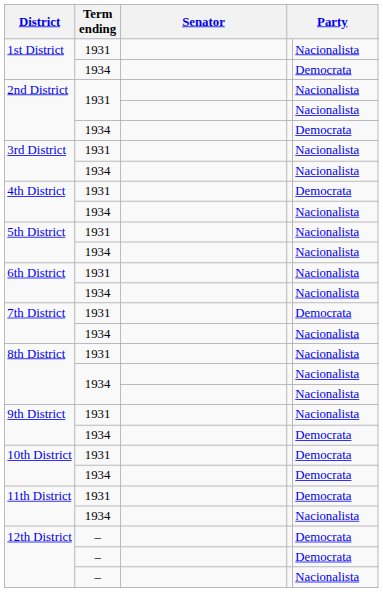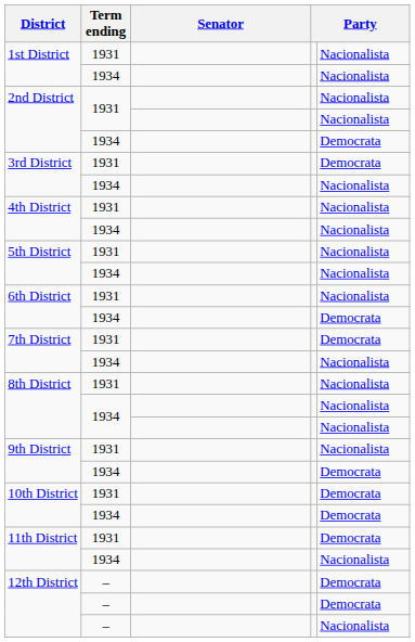 <table class="wikitable sortable">
 <tr>
 <th><a href='#'>District</a></th>
 <th width="50px">Term ending</th>
 <th width="200px"><a href='#'>Senator</a></th>
 <th colspan="2"><a href='#'>Party</a></th>
 </tr>
 <tr>
 <td rowspan="2" valign="top"><a href='#'>1st District</a></td>
 <td align="center">1931</td>
 <td></td>
 <td></td>
 <td width="100px"><a href='#'>Nacionalista</a></td>
 </tr>
 <tr>
 <td align="center">1934</td>
 <td></td>
 <td></td>
-<td><a href='#'>Democrata</a></td>
+<td><a href='#'>Nacionalista</a></td>
 </tr>
 <tr>
 <td rowspan="3" valign="top"><a href='#'>2nd District</a></td>
 <td rowspan="2" align="center">1931</td>
 <td></td>
 <td></td>
 <td><a href='#'>Nacionalista</a></td>
 </tr>
 <tr>
 <td></td>
 <td></td>
 <td><a href='#'>Nacionalista</a></td>
 </tr>
 <tr>
 <td align="center">1934</td>
 <td></td>
 <td></td>
 <td><a href='#'>Democrata</a></td>
 </tr>
 <tr>
 <td rowspan="2" valign="top"><a href='#'>3rd District</a></td>
 <td align="center">1931</td>
 <td></td>
 <td></td>
-<td><a href='#'>Nacionalista</a></td>
+<td><a href='#'>Democrata</a></td>
 </tr>
 <tr>
 <td align="center">1934</td>
 <td></td>
 <td></td>
 <td><a href='#'>Nacionalista</a></td>
 </tr>
 <tr>
 <td rowspan="2" valign="top"><a href='#'>4th District</a></td>
 <td align="center">1931</td>
 <td></td>
 <td></td>
-<td><a href='#'>Democrata</a></td>
+<td><a href='#'>Nacionalista</a></td>
 </tr>
 <tr>
 <td align="center">1934</td>
 <td></td>
 <td></td>
 <td><a href='#'>Nacionalista</a></td>
 </tr>
 <tr>
 <td rowspan="2" valign="top"><a href='#'>5th District</a></td>
 <td align="center">1931</td>
 <td></td>
 <td></td>
 <td><a href='#'>Nacionalista</a></td>
 </tr>
 <tr>
 <td align="center">1934</td>
 <td></td>
 <td></td>
 <td><a href='#'>Nacionalista</a></td>
 </tr>
 <tr>
 <td rowspan="2" valign="top"><a href='#'>6th District</a></td>
 <td align="center">1931</td>
 <td></td>
 <td></td>
 <td><a href='#'>Nacionalista</a></td>
 </tr>
 <tr>
 <td align="center">1934</td>
 <td></td>
 <td></td>
-<td><a href='#'>Nacionalista</a></td>
+<td><a href='#'>Democrata</a></td>
 </tr>
 <tr>
 <td rowspan="2" valign="top"><a href='#'>7th District</a></td>
 <td align="center">1931</td>
 <td></td>
 <td></td>
 <td><a href='#'>Democrata</a></td>
 </tr>
 <tr>
 <td align="center">1934</td>
 <td></td>
 <td></td>
 <td><a href='#'>Nacionalista</a></td>
 </tr>
 <tr>
 <td rowspan="3" valign="top"><a href='#'>8th District</a></td>
 <td align="center">1931</td>
 <td></td>
 <td></td>
 <td><a href='#'>Nacionalista</a></td>
 </tr>
 <tr>
 <td rowspan="2" align="center">1934</td>
 <td></td>
 <td></td>
 <td><a href='#'>Nacionalista</a></td>
 </tr>
 <tr>
 <td></td>
 <td></td>
 <td><a href='#'>Nacionalista</a></td>
 </tr>
 <tr>
 <td rowspan="2" valign="top"><a href='#'>9th District</a></td>
 <td align="center">1931</td>
 <td></td>
 <td></td>
 <td><a href='#'>Nacionalista</a></td>
 </tr>
 <tr>
 <td align="center">1934</td>
 <td></td>
 <td></td>
 <td><a href='#'>Democrata</a></td>
 </tr>
 <tr>
 <td rowspan="2" valign="top"><a href='#'>10th District</a></td>
 <td align="center">1931</td>
 <td></td>
 <td></td>
 <td><a href='#'>Democrata</a></td>
 </tr>
 <tr>
 <td align="center">1934</td>
 <td></td>
 <td></td>
 <td><a href='#'>Democrata</a></td>
 </tr>
 <tr>
 <td rowspan="2" valign="top"><a href='#'>11th District</a></td>
 <td align="center">1931</td>
 <td></td>
 <td></td>
 <td><a href='#'>Democrata</a></td>
 </tr>
 <tr>
 <td align="center">1934</td>
 <td></td>
 <td></td>
 <td><a href='#'>Nacionalista</a></td>
 </tr>
 <tr>
 <td rowspan="3" valign="top"><a href='#'>12th District</a></td>
 <td align="center">–</td>
 <td></td>
 <td></td>
 <td><a href='#'>Democrata</a></td>
 </tr>
 <tr>
 <td align="center">–</td>
 <td></td>
 <td></td>
 <td><a href='#'>Democrata</a></td>
 </tr>
 <tr>
 <td align="center">–</td>
 <td></td>
 <td></td>
 <td><a href='#'>Nacionalista</a></td>
 </tr>
 </table>
